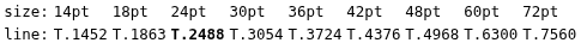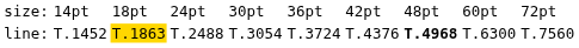 <table style="margin-left:40px;">
 <tr>
 <td>size:</td>
 <td>14pt</td>
 <td>18pt</td>
 <td>24pt</td>
 <td>30pt</td>
 <td>36pt</td>
 <td>42pt</td>
 <td>48pt</td>
 <td>60pt</td>
 <td>72pt</td>
 </tr>
 <tr>
 <td>line:</td>
 <td>T.1452</td>
-<td>T.1863</td>
-<td><strong>T.2488</strong></td>
+<td style="background: gold;">T.1863</td>
+<td>T.2488</td>
 <td>T.3054</td>
 <td>T.3724</td>
 <td>T.4376</td>
-<td>T.4968</td>
+<td><strong>T.4968</strong></td>
 <td>T.6300</td>
 <td>T.7560</td>
 </tr>
 </table>
